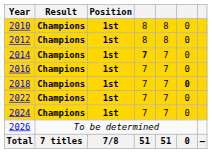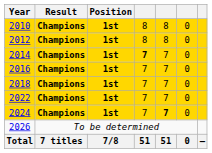 <table class="wikitable" style="text-align: center;">
 <tr>
 <th>Year</th>
 <th>Result</th>
 <th>Position</th>
 <th width=25></th>
 <th width=25></th>
 <th width=25></th>
 <th></th>
 </tr>
 <tr style="background:gold;">
 <td> <a href='#'>2010</a></td>
 <td><strong>Champions</strong></td>
 <td><strong>1st</strong></td>
 <td>8</td>
 <td>8</td>
 <td>0</td>
 <td></td>
 </tr>
 <tr style="background:gold;">
 <td> <a href='#'>2012</a></td>
 <td><strong>Champions</strong></td>
 <td><strong>1st</strong></td>
 <td>8</td>
 <td>8</td>
 <td>0</td>
 <td></td>
 </tr>
 <tr style="background:gold;">
 <td> <a href='#'>2014</a></td>
 <td><strong>Champions</strong></td>
 <td><strong>1st</strong></td>
 <td><strong>7</strong></td>
 <td>7</td>
 <td>0</td>
 <td></td>
 </tr>
 <tr style="background:gold;">
 <td> <a href='#'>2016</a></td>
 <td><strong>Champions</strong></td>
 <td><strong>1st</strong></td>
 <td>7</td>
 <td>7</td>
 <td>0</td>
 <td></td>
 </tr>
 <tr style="background:gold;">
 <td> <a href='#'>2018</a></td>
 <td><strong>Champions</strong></td>
 <td><strong>1st</strong></td>
 <td>7</td>
 <td>7</td>
-<td><strong>0</strong></td>
+<td>0</td>
 <td></td>
 </tr>
 <tr style="background:gold;">
 <td> <a href='#'>2022</a></td>
 <td><strong>Champions</strong></td>
 <td><strong>1st</strong></td>
 <td>7</td>
 <td>7</td>
 <td>0</td>
 <td></td>
 </tr>
 <tr style="background:gold;">
 <td> <a href='#'>2024</a></td>
 <td><strong>Champions</strong></td>
 <td><strong>1st</strong></td>
 <td>7</td>
-<td>7</td>
+<td><strong>7</strong></td>
 <td>0</td>
 <td></td>
 </tr>
 <tr>
 <td> <a href='#'>2026</a></td>
 <td colspan="5" rowspan="1"><em>To be determined</em></td>
 </tr>
 <tr>
 <th>Total</th>
 <th>7 titles</th>
 <th>7/8</th>
 <th>51</th>
 <th>51</th>
 <th>0</th>
 <th>—</th>
 </tr>
 </table>
